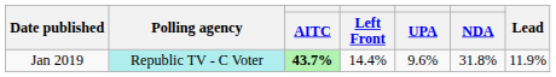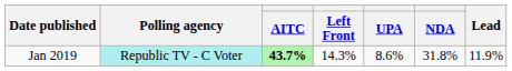 <table class="wikitable sortable" style="text-align:center;font-size:95%;line-height:16px">
 <tr>
 <th width="100" rowspan="2">Date published</th>
 <th width="175" rowspan="2">Polling agency</th>
 <th style="background:"></th>
 <th style="background:"></th>
 <th style="background:"></th>
 <th style="background:"></th>
 <th rowspan="2">Lead</th>
 </tr>
 <tr>
 <th width="50" class="unsortable"><a href='#'>AITC</a></th>
 <th width="50" class="unsortable"><a href='#'>Left Front</a></th>
 <th width="50" class="unsortable"><a href='#'>UPA</a></th>
 <th width="50" class="unsortable"><a href='#'>NDA</a></th>
 </tr>
 <tr>
 <td>Jan 2019</td>
 <td style="background: paleturquoise;">Republic TV - C Voter</td>
 <td style="background:#B0F4B0"><strong>43.7%</strong></td>
-<td>14.4%</td>
-<td>9.6%</td>
+<td>14.3%</td>
+<td>8.6%</td>
 <td>31.8%</td>
 <td style="background:">11.9%</td>
 </tr>
 </table>
